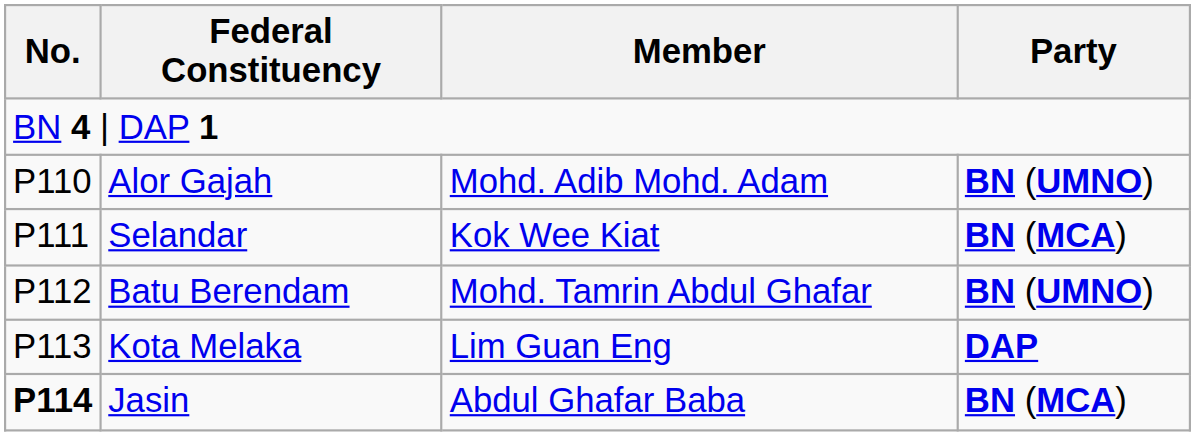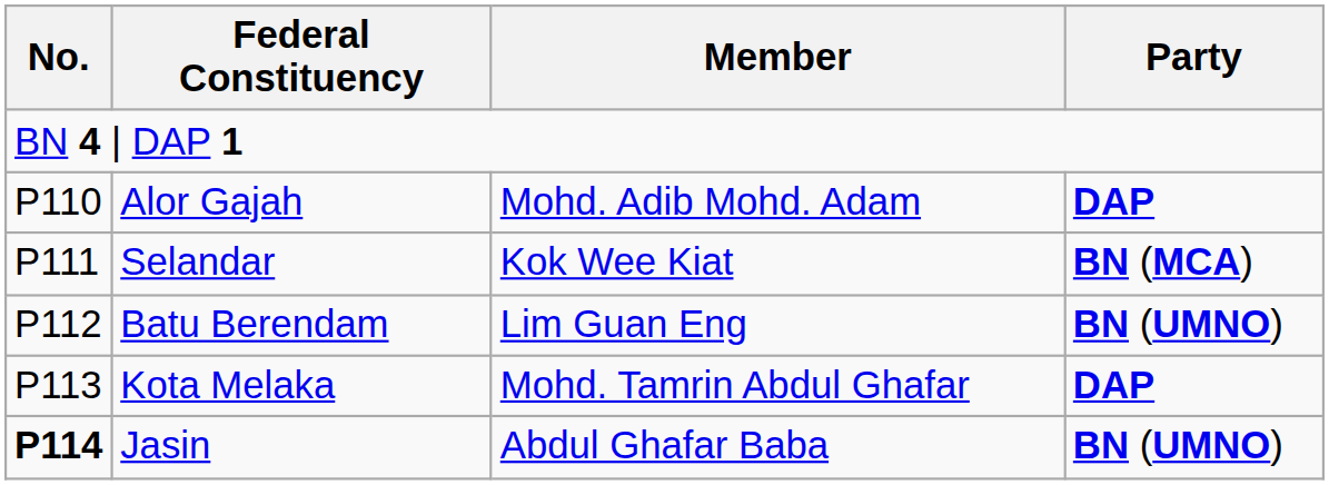 <table class="wikitable sortable">
 <tr>
 <th style="width:30px;">No.</th>
 <th style="width:150px;">Federal Constituency</th>
 <th style="width:230px;">Member</th>
 <th style="width:100px;">Party</th>
 </tr>
 <tr>
 <td colspan="4"><a href='#'>BN</a> <strong>4</strong> | <a href='#'>DAP</a> <strong>1</strong></td>
 </tr>
 <tr>
 <td>P110</td>
 <td><a href='#'>Alor Gajah</a></td>
 <td><a href='#'>Mohd. Adib Mohd. Adam</a></td>
-<td><strong><a href='#'>BN</a></strong> (<strong><a href='#'>UMNO</a></strong>)</td>
+<td><strong><a href='#'>DAP</a></strong></td>
 </tr>
 <tr>
 <td>P111</td>
 <td><a href='#'>Selandar</a></td>
 <td><a href='#'>Kok Wee Kiat</a></td>
 <td><strong><a href='#'>BN</a></strong> (<strong><a href='#'>MCA</a></strong>)</td>
 </tr>
 <tr>
 <td>P112</td>
 <td><a href='#'>Batu Berendam</a></td>
-<td><a href='#'>Mohd. Tamrin Abdul Ghafar</a></td>
+<td><a href='#'>Lim Guan Eng</a></td>
 <td><strong><a href='#'>BN</a></strong> (<strong><a href='#'>UMNO</a></strong>)</td>
 </tr>
 <tr>
 <td>P113</td>
 <td><a href='#'>Kota Melaka</a></td>
-<td><a href='#'>Lim Guan Eng</a></td>
+<td><a href='#'>Mohd. Tamrin Abdul Ghafar</a></td>
 <td><strong><a href='#'>DAP</a></strong></td>
 </tr>
 <tr>
 <td><strong>P114</strong></td>
 <td><a href='#'>Jasin</a></td>
 <td><a href='#'>Abdul Ghafar Baba</a></td>
-<td><strong><a href='#'>BN</a></strong> (<strong><a href='#'>MCA</a></strong>)</td>
+<td><strong><a href='#'>BN</a></strong> (<strong><a href='#'>UMNO</a></strong>)</td>
 </tr>
 </table>
